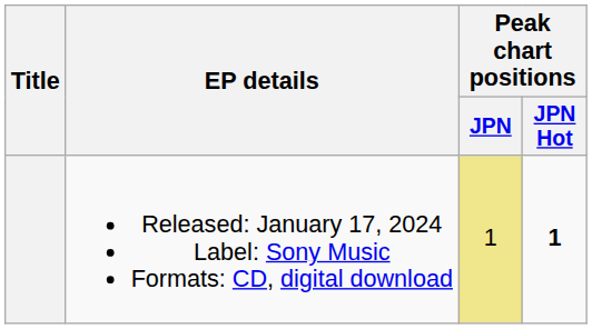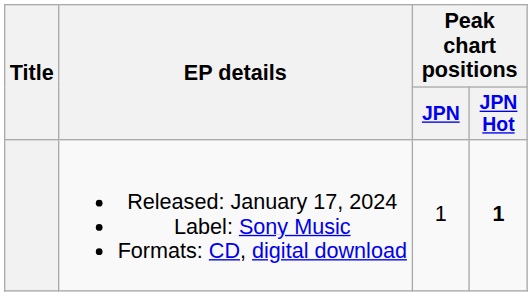 <table class="wikitable plainrowheaders" style="text-align:center;">
 <tr>
 <th scope="col" rowspan="2">Title</th>
 <th scope="col" rowspan="2">EP details</th>
 <th scope="col" colspan="2">Peak chart positions</th>
 </tr>
 <tr>
 <th scope="col" style="width:2.5em;font-size:90%;"><a href='#'>JPN</a><br></th>
 <th scope="col" style="width:2.5em;font-size:90%;"><a href='#'>JPN Hot</a><br></th>
 </tr>
 <tr>
 <th scope="row"></th>
 <td><br><ul><li>Released: January 17, 2024</li><li>Label: <a href='#'>Sony Music</a></li><li>Formats: <a href='#'>CD</a>, <a href='#'>digital download</a></li></ul></td>
-<td style="background: khaki;">1</td>
+<td>1</td>
 <td><strong>1</strong></td>
 </tr>
 </table>
